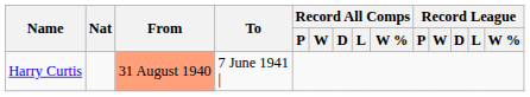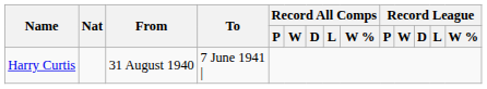 <table class="wikitable" style="text-align: center">
 <tr>
 <th rowspan="2">Name</th>
 <th rowspan="2">Nat</th>
 <th rowspan="2">From</th>
 <th rowspan="2">To</th>
 <th colspan="5">Record All Comps</th>
 <th colspan="5">Record League</th>
 </tr>
 <tr>
 <th>P</th>
 <th>W</th>
 <th>D</th>
 <th>L</th>
 <th>W %</th>
 <th>P</th>
 <th>W</th>
 <th>D</th>
 <th>L</th>
 <th>W %</th>
 </tr>
 <tr>
 <td align=left><a href='#'>Harry Curtis</a></td>
 <td></td>
-<td align=left style="background: lightsalmon;">31 August 1940</td>
+<td align=left>31 August 1940</td>
 <td align=left>7 June 1941<br>|</td>
 </tr>
 </table>
